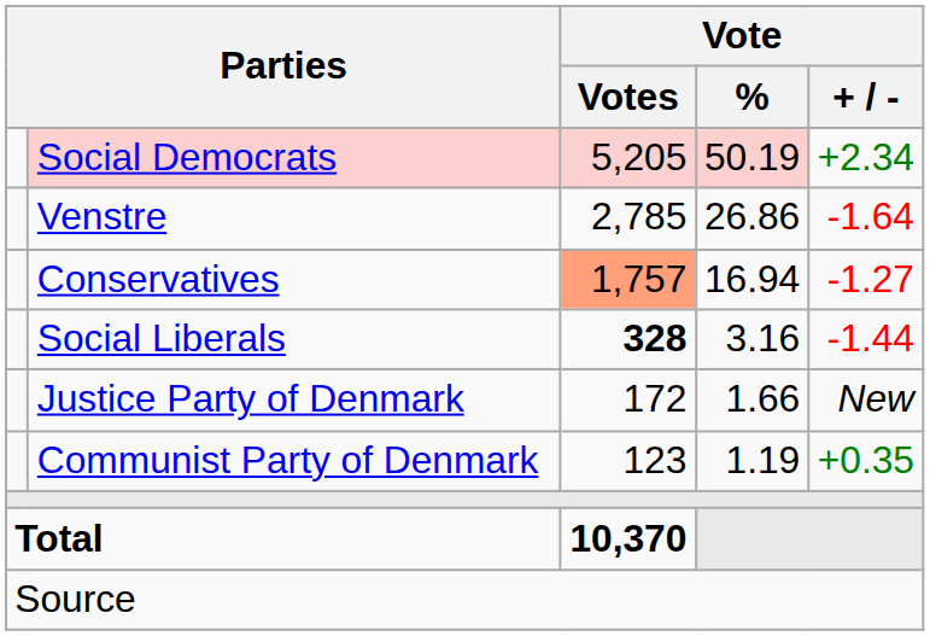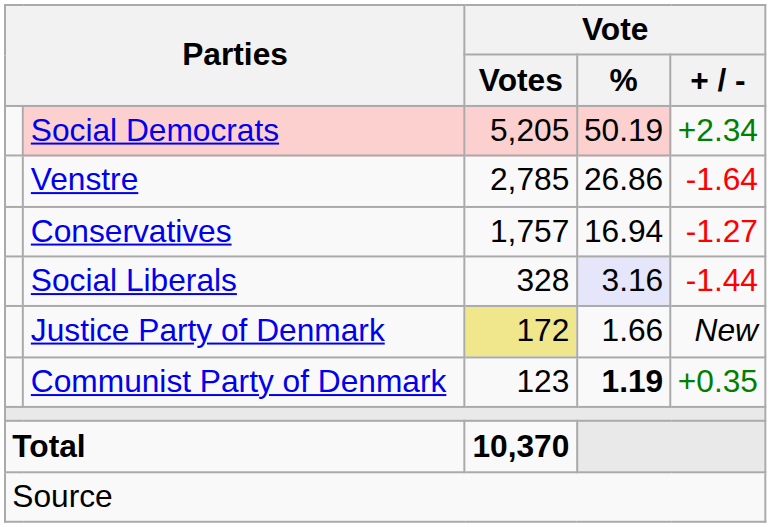 <table class="wikitable" style="text-align:right;">
 <tr>
 <th style="text-align:centre;" rowspan="2" colspan="2" width="225">Parties</th>
 <th colspan="3">Vote</th>
 </tr>
 <tr>
 <th width="15">Votes</th>
 <th width="15">%</th>
 <th width="15">+ / -</th>
 </tr>
 <tr>
 <td width="2" style="color:inherit;background:"></td>
 <td bgcolor=#fbd0ce  align="left"><a href='#'>Social Democrats</a></td>
 <td bgcolor=#fbd0ce>5,205</td>
 <td bgcolor=#fbd0ce>50.19</td>
 <td style=color:green;>+2.34</td>
 </tr>
 <tr>
 <td width="2" style="color:inherit;background:"></td>
 <td align="left"><a href='#'>Venstre</a></td>
 <td>2,785</td>
 <td>26.86</td>
 <td style=color:red;>-1.64</td>
 </tr>
 <tr>
 <td width="2" style="color:inherit;background:"></td>
 <td align="left"><a href='#'>Conservatives</a></td>
-<td style="background: lightsalmon;">1,757</td>
+<td>1,757</td>
 <td>16.94</td>
 <td style=color:red;>-1.27</td>
 </tr>
 <tr>
 <td width="2" style="color:inherit;background:"></td>
 <td align="left"><a href='#'>Social Liberals</a></td>
-<td><strong>328</strong></td>
-<td>3.16</td>
+<td>328</td>
+<td style="background: lavender;">3.16</td>
 <td style=color:red;>-1.44</td>
 </tr>
 <tr>
 <td width="2" style="color:inherit;background:"></td>
 <td align="left"><a href='#'>Justice Party of Denmark</a></td>
-<td>172</td>
+<td style="background: khaki;">172</td>
 <td>1.66</td>
 <td><em>New</em></td>
 </tr>
 <tr>
 <td width="2" style="color:inherit;background:"></td>
 <td align="left"><a href='#'>Communist Party of Denmark</a></td>
 <td>123</td>
-<td>1.19</td>
+<td><strong>1.19</strong></td>
 <td style=color:green;>+0.35</td>
 </tr>
 <tr>
 <td colspan="7" bgcolor="#E9E9E9"></td>
 </tr>
 <tr>
 <td align="left" colspan="2"><strong>Total</strong></td>
 <td><strong>10,370</strong></td>
 <td bgcolor="#E9E9E9" colspan="2"></td>
 </tr>
 <tr>
 <td align="left" colspan="6">Source</td>
 </tr>
 </table>
